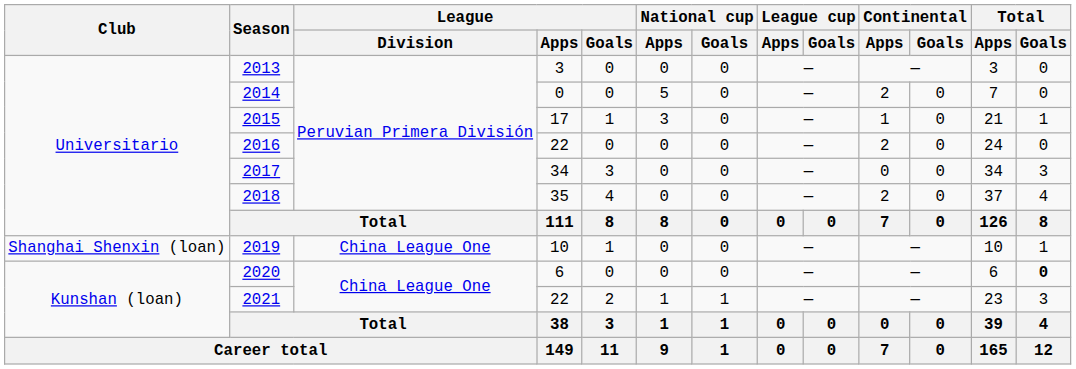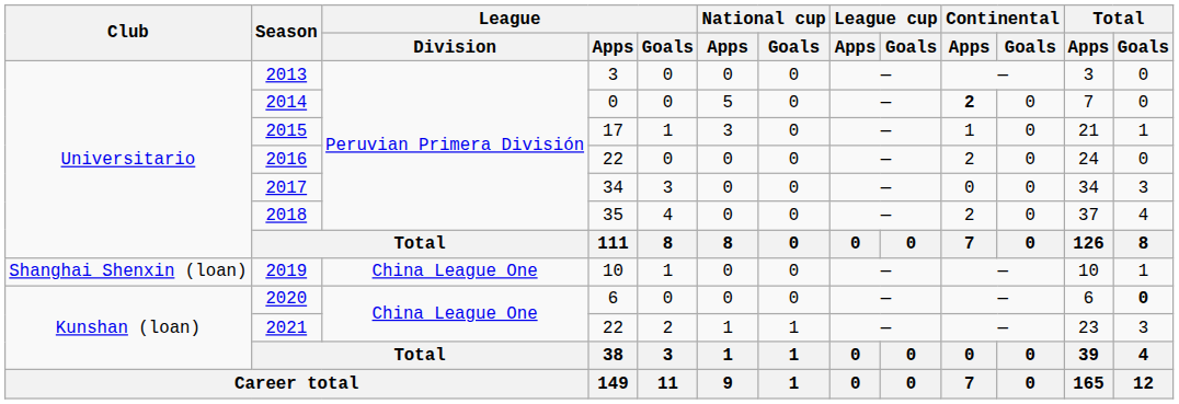 <table class="wikitable" style="text-align:center">
 <tr>
 <th rowspan="2">Club</th>
 <th rowspan="2">Season</th>
 <th colspan="3">League</th>
 <th colspan="2">National cup</th>
 <th colspan="2">League cup</th>
 <th colspan="2">Continental</th>
 <th colspan="2">Total</th>
 </tr>
 <tr>
 <th>Division</th>
 <th>Apps</th>
 <th>Goals</th>
 <th>Apps</th>
 <th>Goals</th>
 <th>Apps</th>
 <th>Goals</th>
 <th>Apps</th>
 <th>Goals</th>
 <th>Apps</th>
 <th>Goals</th>
 </tr>
 <tr>
 <td rowspan="7"><a href='#'>Universitario</a></td>
 <td><a href='#'>2013</a></td>
 <td rowspan="6"><a href='#'>Peruvian Primera División</a></td>
 <td>3</td>
 <td>0</td>
 <td>0</td>
 <td>0</td>
 <td colspan="2">—</td>
 <td colspan="2">—</td>
 <td>3</td>
 <td>0</td>
 </tr>
 <tr>
 <td><a href='#'>2014</a></td>
 <td>0</td>
 <td>0</td>
 <td>5</td>
 <td>0</td>
 <td colspan="2">—</td>
-<td>2</td>
+<td><strong>2</strong></td>
 <td>0</td>
 <td>7</td>
 <td>0</td>
 </tr>
 <tr>
 <td><a href='#'>2015</a></td>
 <td>17</td>
 <td>1</td>
 <td>3</td>
 <td>0</td>
 <td colspan="2">—</td>
 <td>1</td>
 <td>0</td>
 <td>21</td>
 <td>1</td>
 </tr>
 <tr>
 <td><a href='#'>2016</a></td>
 <td>22</td>
 <td>0</td>
 <td>0</td>
 <td>0</td>
 <td colspan="2">—</td>
 <td>2</td>
 <td>0</td>
 <td>24</td>
 <td>0</td>
 </tr>
 <tr>
 <td><a href='#'>2017</a></td>
 <td>34</td>
 <td>3</td>
 <td>0</td>
 <td>0</td>
 <td colspan="2">—</td>
 <td>0</td>
 <td>0</td>
 <td>34</td>
 <td>3</td>
 </tr>
 <tr>
 <td><a href='#'>2018</a></td>
 <td>35</td>
 <td>4</td>
 <td>0</td>
 <td>0</td>
 <td colspan="2">—</td>
 <td>2</td>
 <td>0</td>
 <td>37</td>
 <td>4</td>
 </tr>
 <tr>
 <th colspan="2">Total</th>
 <th>111</th>
 <th>8</th>
 <th>8</th>
 <th>0</th>
 <th>0</th>
 <th>0</th>
 <th>7</th>
 <th>0</th>
 <th>126</th>
 <th>8</th>
 </tr>
 <tr>
 <td><a href='#'>Shanghai Shenxin</a> (loan)</td>
 <td><a href='#'>2019</a></td>
 <td><a href='#'>China League One</a></td>
 <td>10</td>
 <td>1</td>
 <td>0</td>
 <td>0</td>
 <td colspan="2">—</td>
 <td colspan="2">—</td>
 <td>10</td>
 <td>1</td>
 </tr>
 <tr>
 <td rowspan="3"><a href='#'>Kunshan</a> (loan)</td>
 <td><a href='#'>2020</a></td>
 <td rowspan="2"><a href='#'>China League One</a></td>
 <td>6</td>
 <td>0</td>
 <td>0</td>
 <td>0</td>
 <td colspan="2">—</td>
 <td colspan="2">—</td>
 <td>6</td>
 <td><strong>0</strong></td>
 </tr>
 <tr>
 <td><a href='#'>2021</a></td>
 <td>22</td>
 <td>2</td>
 <td>1</td>
 <td>1</td>
 <td colspan="2">—</td>
 <td colspan="2">—</td>
 <td>23</td>
 <td>3</td>
 </tr>
 <tr>
 <th colspan="2">Total</th>
 <th>38</th>
 <th>3</th>
 <th>1</th>
 <th>1</th>
 <th>0</th>
 <th>0</th>
 <th>0</th>
 <th>0</th>
 <th>39</th>
 <th>4</th>
 </tr>
 <tr>
 <th colspan="3">Career total</th>
 <th>149</th>
 <th>11</th>
 <th>9</th>
 <th>1</th>
 <th>0</th>
 <th>0</th>
 <th>7</th>
 <th>0</th>
 <th>165</th>
 <th>12</th>
 </tr>
 </table>
